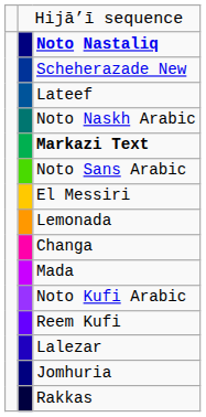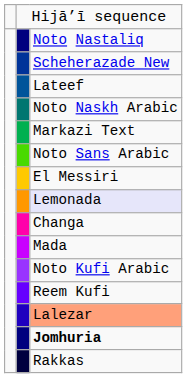 <table class="wikitable">
 <tr class="nowrap">
 <td style="text-align:center;font-size:180%"></td>
 <td colspan="2" style="text-align:center;font-size:100%;">Hijā’ī sequence</td>
 </tr>
 <tr>
 <td rowspan="15"></td>
 <td style="font-size:80%;text-align:center;color:#00007f;background-color:#00007f">•</td>
-<td class="nowrap" style="font-size:95%"><strong><a href='#'>Noto</a> <a href='#'>Nastaliq</a></strong></td>
+<td class="nowrap" style="font-size:95%"><a href='#'>Noto</a> <a href='#'>Nastaliq</a></td>
 </tr>
 <tr>
 <td style="font-size:80%;text-align:center;color:#003399;background-color:#003399">•</td>
 <td class="nowrap" style="font-size:95%"><a href='#'>Scheherazade New</a></td>
 </tr>
 <tr>
 <td style="font-size:80%;text-align:center;color:#00549a;background-color:#00549a">•</td>
 <td style="font-size:95%">Lateef</td>
 </tr>
 <tr>
 <td style="font-size:80%;text-align:center;color:#007670;background-color:#007670">•</td>
 <td class="nowrap" style="font-size:95%">Noto <a href='#'>Naskh</a> Arabic</td>
 </tr>
 <tr>
 <td style="font-size:80%;text-align:center;color:#00b050;background-color:#00b050">•</td>
-<td style="font-size:95%"><strong>Markazi Text</strong></td>
+<td style="font-size:95%">Markazi Text</td>
 </tr>
 <tr>
 <td style="font-size:80%;text-align:center;color:#49da00;background-color:#49da00">•</td>
 <td style="font-size:95%">Noto <a href='#'>Sans</a> Arabic</td>
 </tr>
 <tr>
 <td style="font-size:80%;text-align:center;color:#ffc900;background-color:#ffc900">•</td>
 <td style="font-size:95%">El Messiri</td>
 </tr>
 <tr>
 <td style="font-size:80%;text-align:center;color:#ff9800;background-color:#ff9800">•</td>
-<td style="font-size:95%">Lemonada </td>
+<td style="background: lavender; font-size:95%">Lemonada </td>
 </tr>
 <tr>
 <td style="font-size:80%;text-align:center;color:#ff00aa;background-color:#ff00aa">•</td>
 <td style="font-size:95%">Changa </td>
 </tr>
 <tr>
 <td style="font-size:80%;text-align:center;color:#c900ff;background-color:#c900ff">•</td>
 <td style="font-size:95%">Mada</td>
 </tr>
 <tr>
 <td style="font-size:80%;text-align:center;color:#9933ff;background-color:#9933ff">•</td>
 <td style="font-size:95%">Noto <a href='#'>Kufi</a> Arabic</td>
 </tr>
 <tr>
 <td style="font-size:80%;text-align:center;color:#6600ff;background-color:#6600ff">•</td>
 <td style="font-size:95%">Reem Kufi</td>
 </tr>
 <tr>
 <td style="font-size:80%;text-align:center;color:#1f00bf;background-color:#1f00bf">•</td>
-<td style="font-size:95%">Lalezar</td>
+<td style="background: lightsalmon; font-size:95%">Lalezar</td>
 </tr>
 <tr>
 <td style="font-size:80%;text-align:center;color:#00007f;background-color:#00007f">•</td>
-<td style="font-size:95%">Jomhuria</td>
+<td style="font-size:95%"><strong>Jomhuria</strong></td>
 </tr>
 <tr>
 <td style="font-size:80%;text-align:center;color:#00003f;background-color:#00003f">•</td>
 <td style="font-size:95%">Rakkas</td>
 </tr>
 </table>
